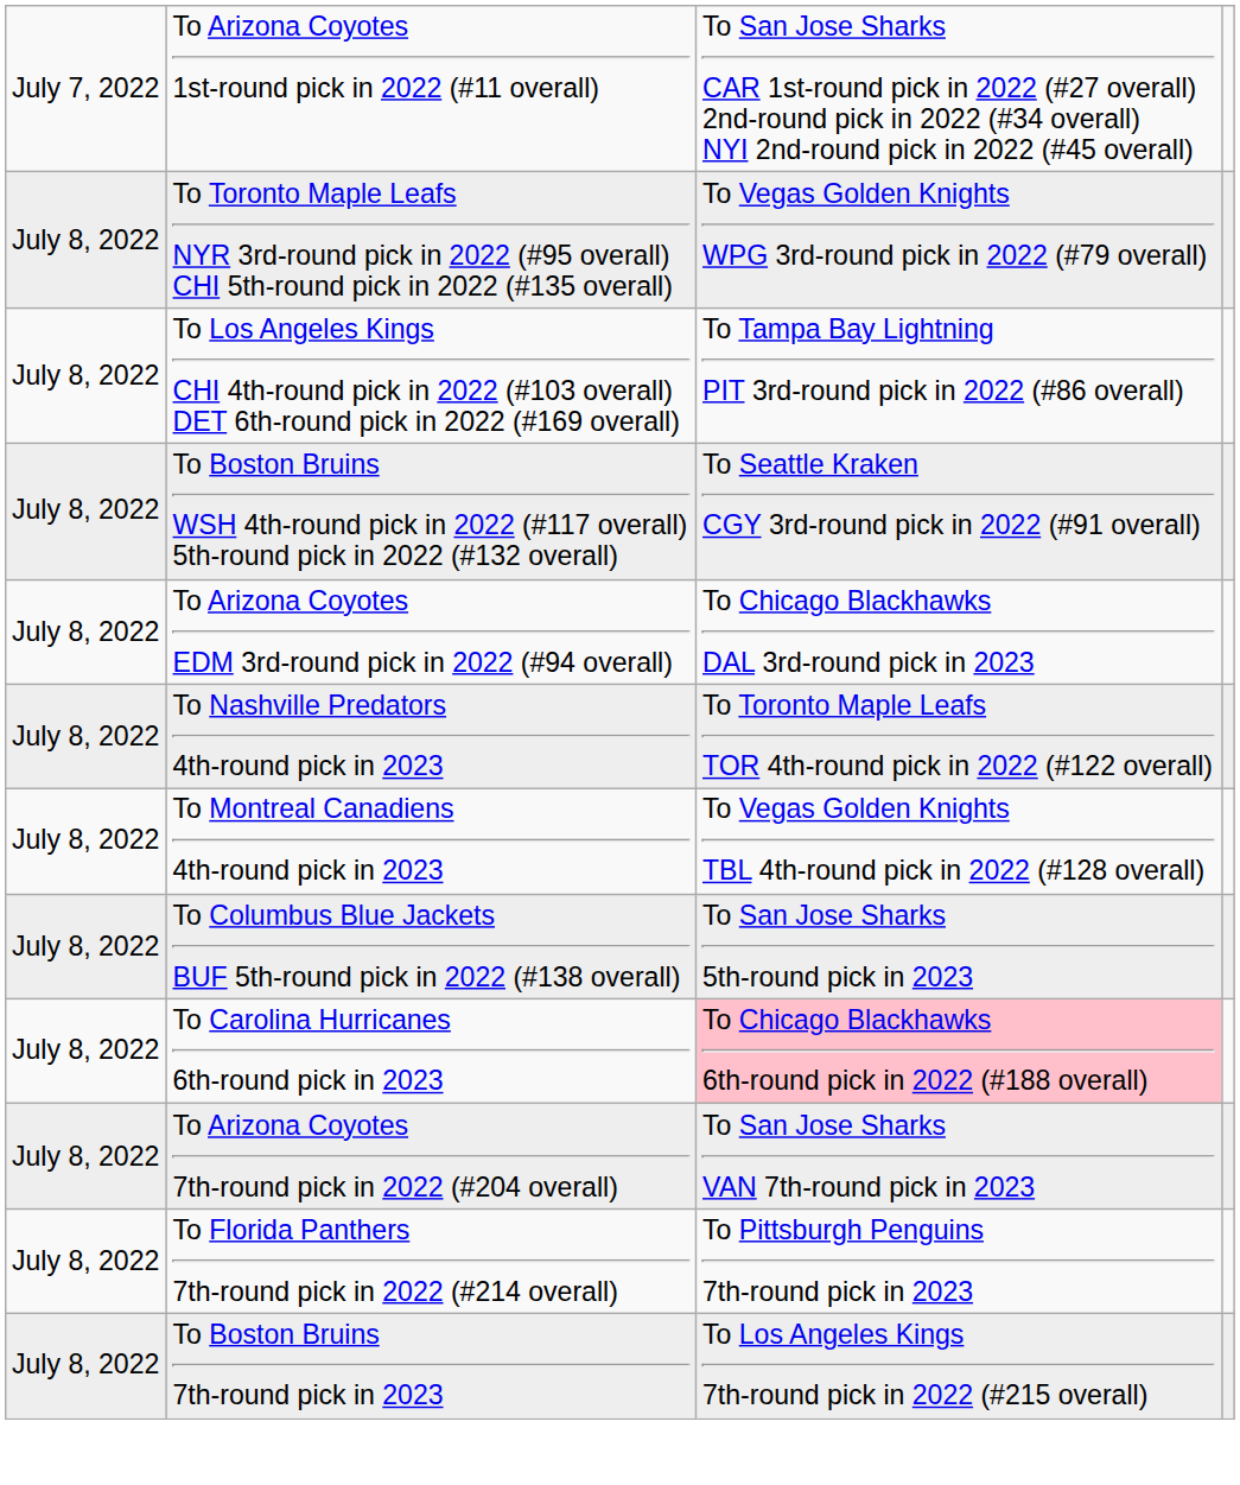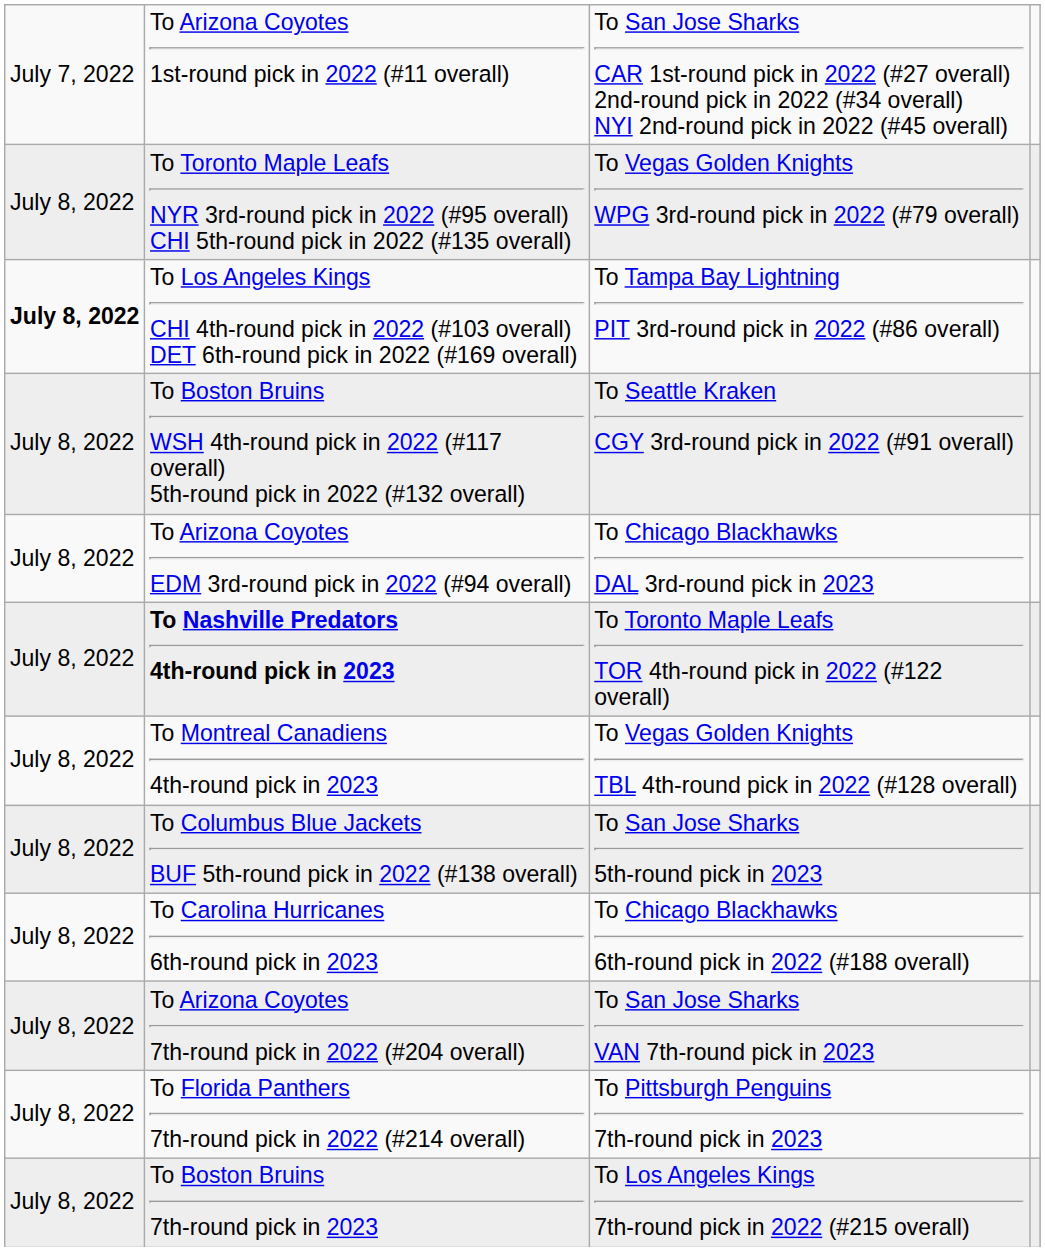 <table class="wikitable" style="border:1px solid #999999; width:720px;">
 <tr>
 <td>July 7, 2022</td>
 <td valign="top">To <a href='#'>Arizona Coyotes</a><hr>1st-round pick in <a href='#'>2022</a> (#11 overall)</td>
 <td valign="top">To <a href='#'>San Jose Sharks</a><hr><a href='#'>CAR</a> 1st-round pick in <a href='#'>2022</a> (#27 overall)<br>2nd-round pick in 2022 (#34 overall)<br><a href='#'>NYI</a> 2nd-round pick in 2022 (#45 overall)</td>
 <td></td>
 </tr>
 <tr bgcolor="eeeeee">
 <td>July 8, 2022</td>
 <td valign="top">To <a href='#'>Toronto Maple Leafs</a><hr><a href='#'>NYR</a> 3rd-round pick in <a href='#'>2022</a> (#95 overall)<br><a href='#'>CHI</a> 5th-round pick in 2022 (#135 overall)</td>
 <td valign="top">To <a href='#'>Vegas Golden Knights</a><hr><a href='#'>WPG</a> 3rd-round pick in <a href='#'>2022</a> (#79 overall)</td>
 <td></td>
 </tr>
 <tr>
-<td>July 8, 2022</td>
+<td><strong>July 8, 2022</strong></td>
 <td valign="top">To <a href='#'>Los Angeles Kings</a><hr><a href='#'>CHI</a> 4th-round pick in <a href='#'>2022</a> (#103 overall)<br><a href='#'>DET</a> 6th-round pick in 2022 (#169 overall)</td>
 <td valign="top">To <a href='#'>Tampa Bay Lightning</a><hr><a href='#'>PIT</a> 3rd-round pick in <a href='#'>2022</a> (#86 overall)</td>
 <td></td>
 </tr>
 <tr bgcolor="eeeeee">
 <td>July 8, 2022</td>
 <td valign="top">To <a href='#'>Boston Bruins</a><hr><a href='#'>WSH</a> 4th-round pick in <a href='#'>2022</a> (#117 overall)<br>5th-round pick in 2022 (#132 overall)</td>
 <td valign="top">To <a href='#'>Seattle Kraken</a><hr><a href='#'>CGY</a> 3rd-round pick in <a href='#'>2022</a> (#91 overall)</td>
 <td></td>
 </tr>
 <tr>
 <td>July 8, 2022</td>
 <td valign="top">To <a href='#'>Arizona Coyotes</a><hr><a href='#'>EDM</a> 3rd-round pick in <a href='#'>2022</a> (#94 overall)</td>
 <td valign="top">To <a href='#'>Chicago Blackhawks</a><hr><a href='#'>DAL</a> 3rd-round pick in <a href='#'>2023</a></td>
 <td></td>
 </tr>
 <tr bgcolor="eeeeee">
 <td>July 8, 2022</td>
-<td valign="top">To <a href='#'>Nashville Predators</a><hr>4th-round pick in <a href='#'>2023</a></td>
+<td valign="top"><strong>To <a href='#'>Nashville Predators</a><hr>4th-round pick in <a href='#'>2023</a></strong></td>
 <td valign="top">To <a href='#'>Toronto Maple Leafs</a><hr><a href='#'>TOR</a> 4th-round pick in <a href='#'>2022</a> (#122 overall)</td>
 <td></td>
 </tr>
 <tr>
 <td>July 8, 2022</td>
 <td valign="top">To <a href='#'>Montreal Canadiens</a><hr>4th-round pick in <a href='#'>2023</a></td>
 <td valign="top">To <a href='#'>Vegas Golden Knights</a><hr><a href='#'>TBL</a> 4th-round pick in <a href='#'>2022</a> (#128 overall)</td>
 <td></td>
 </tr>
 <tr bgcolor="eeeeee">
 <td>July 8, 2022</td>
 <td valign="top">To <a href='#'>Columbus Blue Jackets</a><hr><a href='#'>BUF</a> 5th-round pick in <a href='#'>2022</a> (#138 overall)</td>
 <td valign="top">To <a href='#'>San Jose Sharks</a><hr>5th-round pick in <a href='#'>2023</a></td>
 <td></td>
 </tr>
 <tr>
 <td>July 8, 2022</td>
 <td valign="top">To <a href='#'>Carolina Hurricanes</a><hr>6th-round pick in <a href='#'>2023</a></td>
-<td valign="top" style="background: pink;">To <a href='#'>Chicago Blackhawks</a><hr>6th-round pick in <a href='#'>2022</a> (#188 overall)</td>
+<td valign="top">To <a href='#'>Chicago Blackhawks</a><hr>6th-round pick in <a href='#'>2022</a> (#188 overall)</td>
 <td></td>
 </tr>
 <tr bgcolor="eeeeee">
 <td>July 8, 2022</td>
 <td valign="top">To <a href='#'>Arizona Coyotes</a><hr>7th-round pick in <a href='#'>2022</a> (#204 overall)</td>
 <td valign="top">To <a href='#'>San Jose Sharks</a><hr><a href='#'>VAN</a> 7th-round pick in <a href='#'>2023</a></td>
 <td></td>
 </tr>
 <tr>
 <td>July 8, 2022</td>
 <td valign="top">To <a href='#'>Florida Panthers</a><hr>7th-round pick in <a href='#'>2022</a> (#214 overall)</td>
 <td valign="top">To <a href='#'>Pittsburgh Penguins</a><hr>7th-round pick in <a href='#'>2023</a></td>
 <td></td>
 </tr>
 <tr bgcolor="eeeeee">
 <td>July 8, 2022</td>
 <td valign="top">To <a href='#'>Boston Bruins</a><hr>7th-round pick in <a href='#'>2023</a></td>
 <td valign="top">To <a href='#'>Los Angeles Kings</a><hr>7th-round pick in <a href='#'>2022</a> (#215 overall)</td>
 <td></td>
 </tr>
 </table>
